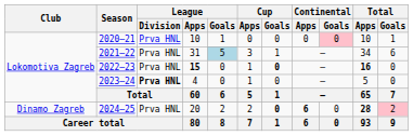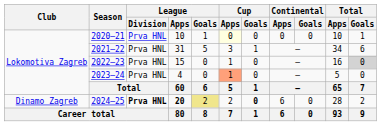 <table class="wikitable" style="text-align:center">
 <tr>
 <th rowspan="2">Club</th>
 <th rowspan="2">Season</th>
 <th colspan="3">League</th>
 <th colspan="2">Cup</th>
 <th colspan="2">Continental</th>
 <th colspan="2">Total</th>
 </tr>
 <tr>
 <th>Division</th>
 <th>Apps</th>
 <th>Goals</th>
 <th>Apps</th>
 <th>Goals</th>
 <th>Apps</th>
 <th>Goals</th>
 <th>Apps</th>
 <th>Goals</th>
 </tr>
 <tr>
 <td rowspan="5"><a href='#'>Lokomotiva Zagreb</a></td>
 <td><a href='#'>2020–21</a></td>
 <td><a href='#'>Prva HNL</a></td>
 <td>10</td>
 <td>1</td>
+<td style="background: lightyellow;">0</td>
 <td>0</td>
 <td>0</td>
 <td>0</td>
-<td style="background: pink;">0</td>
 <td>10</td>
 <td>1</td>
 </tr>
 <tr>
 <td><a href='#'>2021–22</a></td>
 <td>Prva HNL</td>
 <td>31</td>
-<td style="background: lightblue;">5</td>
+<td>5</td>
 <td>3</td>
 <td>1</td>
 <td colspan="2">—</td>
 <td>34</td>
 <td>6</td>
 </tr>
 <tr>
 <td><a href='#'>2022–23</a></td>
 <td>Prva HNL</td>
-<td><strong>15</strong></td>
+<td>15</td>
 <td>0</td>
 <td>1</td>
-<td><strong>0</strong></td>
+<td>0</td>
 <td colspan="2">—</td>
-<td><strong>16</strong></td>
-<td>0</td>
+<td>16</td>
+<td style="background: lightgrey;">0</td>
 </tr>
 <tr>
 <td><a href='#'>2023–24</a></td>
-<td><strong>Prva HNL</strong></td>
+<td>Prva HNL</td>
 <td>4</td>
 <td>0</td>
-<td>1</td>
+<td style="background: lightsalmon;">1</td>
 <td>0</td>
 <td colspan="2">—</td>
 <td>5</td>
 <td>0</td>
 </tr>
 <tr>
 <th colspan="2">Total</th>
 <th>60</th>
 <th>6</th>
 <th>5</th>
 <th>1</th>
 <th colspan="2">—</th>
 <th>65</th>
 <th>7</th>
 </tr>
 <tr>
 <td><a href='#'>Dinamo Zagreb</a></td>
 <td><a href='#'>2024–25</a></td>
-<td>Prva HNL</td>
-<td>20</td>
-<td>2</td>
+<td><strong>Prva HNL</strong></td>
+<td><strong>20</strong></td>
+<td style="background: khaki;">2</td>
 <td>2</td>
 <td><strong>0</strong></td>
-<td><strong>6</strong></td>
+<td>6</td>
 <td>0</td>
-<td><strong>28</strong></td>
-<td style="background: pink;">2</td>
+<td>28</td>
+<td>2</td>
 </tr>
 <tr>
 <th colspan="3">Career total</th>
 <th>80</th>
 <th>8</th>
 <th>7</th>
 <th>1</th>
 <th>6</th>
 <th>0</th>
 <th>93</th>
 <th>9</th>
 </tr>
 </table>
